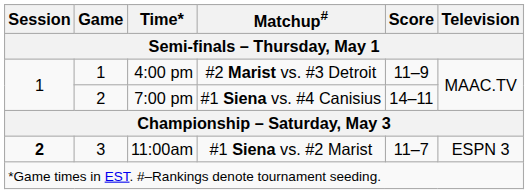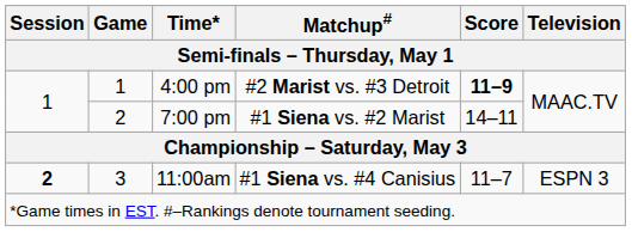 <table class="wikitable" style="font-size: 95%">
 <tr>
 <th>Session</th>
 <th>Game</th>
 <th>Time*</th>
 <th>Matchup<sup>#</sup></th>
 <th>Score</th>
 <th>Television</th>
 </tr>
 <tr>
 <th colspan=6>Semi-finals – Thursday, May 1</th>
 </tr>
 <tr>
 <td rowspan=2 style="text-align:center">1</td>
 <td style="text-align:center">1</td>
 <td style="text-align:right">4:00 pm</td>
 <td style="text-align:center">#2 <strong>Marist</strong> vs. #3 Detroit</td>
-<td style="text-align:center">11–9</td>
+<td style="text-align:center"><strong>11–9</strong></td>
 <td rowspan=2 style="text-align:center">MAAC.TV</td>
 </tr>
 <tr>
 <td style="text-align:center">2</td>
 <td style="text-align:right">7:00 pm</td>
-<td style="text-align:center">#1 <strong>Siena</strong> vs. #4 Canisius</td>
+<td style="text-align:center">#1 <strong>Siena</strong> vs. #2 Marist</td>
 <td style="text-align:center">14–11</td>
 </tr>
 <tr>
 <th colspan=6>Championship – Saturday, May 3</th>
 </tr>
 <tr>
 <td rowspan=1 style="text-align:center"><strong>2</strong></td>
 <td style="text-align:center">3</td>
 <td style="text-align:right">11:00am</td>
-<td style="text-align:center">#1 <strong>Siena</strong> vs. #2 Marist</td>
+<td style="text-align:center">#1 <strong>Siena</strong> vs. #4 Canisius</td>
 <td style="text-align:center">11–7</td>
 <td rowspan=1 style="text-align:center">ESPN 3</td>
 </tr>
 <tr>
 <td colspan=6><small>*Game times in <a href='#'>EST</a>. #–Rankings denote tournament seeding.</small></td>
 </tr>
 </table>
